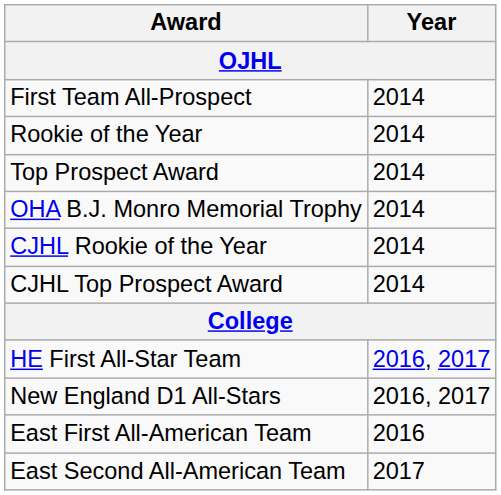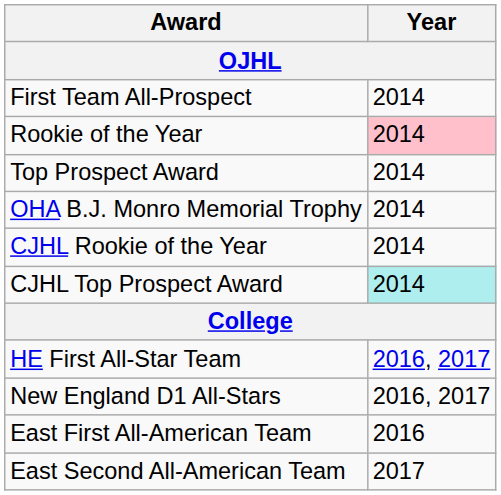 <table class="wikitable">
 <tr>
 <th>Award</th>
 <th>Year</th>
 </tr>
 <tr ALIGN="center" bgcolor="#e0e0e0">
 <th colspan="3"><a href='#'>OJHL</a></th>
 </tr>
 <tr>
 <td>First Team All-Prospect</td>
 <td>2014</td>
 </tr>
 <tr>
 <td>Rookie of the Year</td>
-<td>2014</td>
+<td style="background: pink;">2014</td>
 </tr>
 <tr>
 <td>Top Prospect Award</td>
 <td>2014</td>
 </tr>
 <tr>
 <td><a href='#'>OHA</a> B.J. Monro Memorial Trophy</td>
 <td>2014</td>
 </tr>
 <tr>
 <td><a href='#'>CJHL</a> Rookie of the Year</td>
 <td>2014</td>
 </tr>
 <tr>
 <td>CJHL Top Prospect Award</td>
-<td>2014</td>
+<td style="background: paleturquoise;">2014</td>
 </tr>
 <tr ALIGN="center" bgcolor="#e0e0e0">
 <th colspan="3"><a href='#'>College</a></th>
 </tr>
 <tr>
 <td><a href='#'>HE</a> First All-Star Team</td>
 <td><a href='#'>2016</a>, <a href='#'>2017</a></td>
 </tr>
 <tr>
 <td>New England D1 All-Stars</td>
 <td>2016, 2017</td>
 </tr>
 <tr>
 <td>East First All-American Team</td>
 <td>2016</td>
 </tr>
 <tr>
 <td>East Second All-American Team</td>
 <td>2017</td>
 </tr>
 </table>
